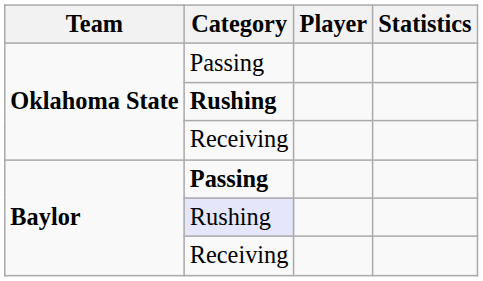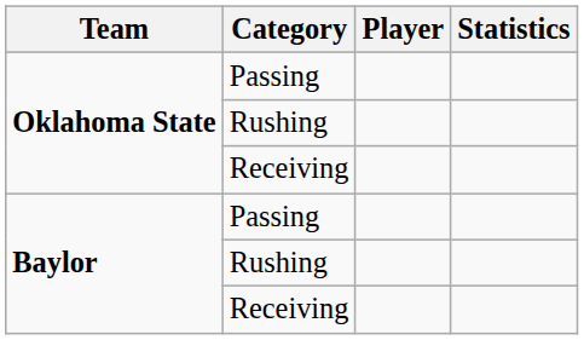 <table class="wikitable" style="float: left;">
 <tr>
 <th>Team</th>
 <th>Category</th>
 <th>Player</th>
 <th>Statistics</th>
 </tr>
 <tr>
 <td rowspan=3><strong>Oklahoma State</strong></td>
 <td>Passing</td>
 <td></td>
 <td></td>
 </tr>
 <tr>
-<td><strong>Rushing</strong></td>
+<td>Rushing</td>
 <td></td>
 <td></td>
 </tr>
 <tr>
 <td>Receiving</td>
 <td></td>
 <td></td>
 </tr>
 <tr>
 <td rowspan=3><strong>Baylor</strong></td>
-<td><strong>Passing</strong></td>
+<td>Passing</td>
 <td></td>
 <td></td>
 </tr>
 <tr>
-<td style="background: lavender;">Rushing</td>
+<td>Rushing</td>
 <td></td>
 <td></td>
 </tr>
 <tr>
 <td>Receiving</td>
 <td></td>
 <td></td>
 </tr>
 </table>
